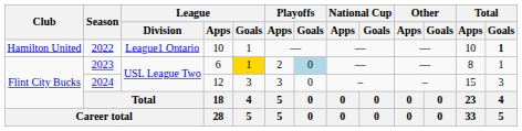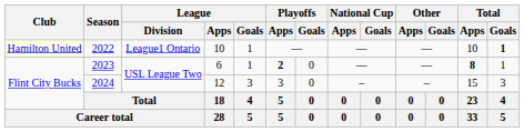 <table class="wikitable" style="text-align: center">
 <tr>
 <th rowspan="2">Club</th>
 <th rowspan="2">Season</th>
 <th colspan="3">League</th>
 <th colspan="2">Playoffs</th>
 <th colspan="2">National Cup</th>
 <th colspan="2">Other</th>
 <th colspan="2">Total</th>
 </tr>
 <tr>
 <th>Division</th>
 <th>Apps</th>
 <th>Goals</th>
 <th>Apps</th>
 <th>Goals</th>
 <th>Apps</th>
 <th>Goals</th>
 <th>Apps</th>
 <th>Goals</th>
 <th>Apps</th>
 <th>Goals</th>
 </tr>
 <tr>
-<td><a href='#'>Hamilton United</a></td>
+<td style="background: lightyellow;"><a href='#'>Hamilton United</a></td>
 <td><a href='#'>2022</a></td>
 <td><a href='#'>League1 Ontario</a></td>
 <td>10</td>
 <td>1</td>
 <td colspan="2">—</td>
 <td colspan="2">—</td>
 <td colspan="2">—</td>
 <td>10</td>
 <td><strong>1</strong></td>
 </tr>
 <tr>
 <td rowspan=3><a href='#'>Flint City Bucks</a></td>
 <td><a href='#'>2023</a></td>
 <td rowspan=2><a href='#'>USL League Two</a></td>
 <td>6</td>
-<td style="background: gold;">1</td>
-<td>2</td>
-<td style="background: lightblue;">0</td>
+<td>1</td>
+<td><strong>2</strong></td>
+<td>0</td>
 <td colspan="2">—</td>
 <td colspan="2">—</td>
-<td>8</td>
+<td><strong>8</strong></td>
 <td>1</td>
 </tr>
 <tr>
 <td><a href='#'>2024</a></td>
 <td>12</td>
 <td>3</td>
 <td>3</td>
 <td>0</td>
 <td colspan="2">–</td>
 <td colspan="2">–</td>
 <td>15</td>
 <td>3</td>
 </tr>
 <tr>
 <th colspan="2"><strong>Total</strong></th>
 <th>18</th>
 <th>4</th>
 <th>5</th>
 <th>0</th>
 <th>0</th>
 <th>0</th>
 <th>0</th>
 <th>0</th>
 <th>23</th>
 <th>4</th>
 </tr>
 <tr>
 <th colspan="3">Career total</th>
 <th>28</th>
 <th>5</th>
 <th>5</th>
 <th>0</th>
 <th>0</th>
 <th>0</th>
 <th>0</th>
 <th>0</th>
 <th>33</th>
 <th>5</th>
 </tr>
 </table>
